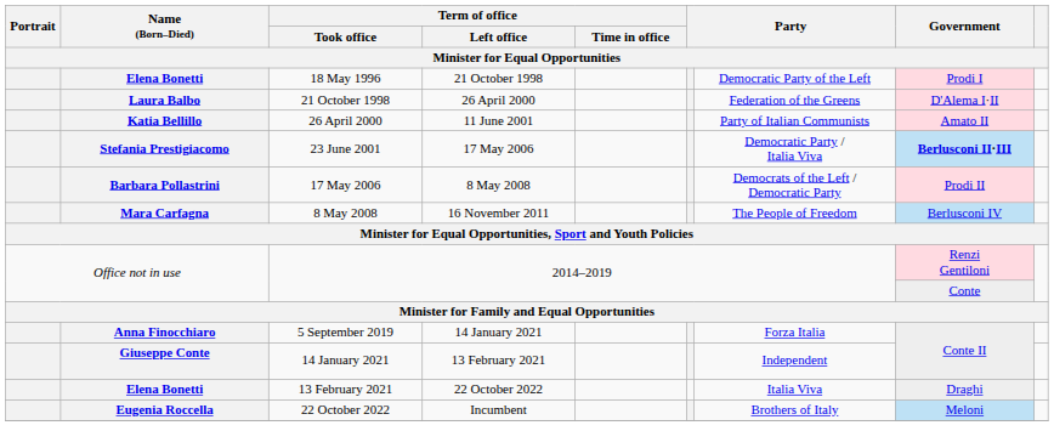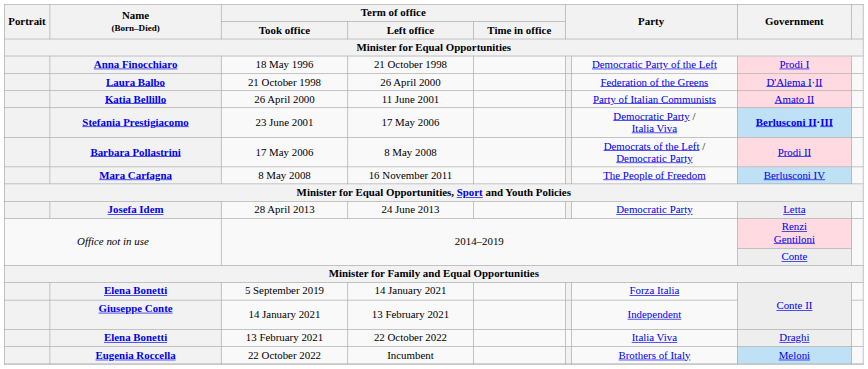 <table class="wikitable" style="text-align:center; style="width=100%">
 <tr>
 <th width=1% rowspan=2>Portrait</th>
 <th width=15% rowspan=2>Name<br><small>(Born–Died)</small></th>
 <th width=30% colspan=3>Term of office</th>
 <th width=15% rowspan=2 colspan=2>Party</th>
 <th width=10% rowspan=2>Government</th>
 <th width=1% rowspan=2></th>
 </tr>
 <tr style="text-align:center;">
 <th width=11%>Took office</th>
 <th width=11%>Left office</th>
 <th width=8%>Time in office</th>
 </tr>
 <tr>
 <th colspan=9>Minister for Equal Opportunities</th>
 </tr>
 <tr>
 <th></th>
-<th scope="row" style="font-weight:normal"><strong><a href='#'>Elena Bonetti</a></strong><br></th>
+<th scope="row" style="font-weight:normal"><strong><a href='#'>Anna Finocchiaro</a></strong><br></th>
 <td>18 May 1996</td>
 <td>21 October 1998</td>
 <td></td>
 <th style="background:"></th>
 <td><a href='#'>Democratic Party of the Left</a></td>
 <td bgcolor=#FFDAE1><a href='#'>Prodi I</a></td>
 <td></td>
 </tr>
 <tr>
 <th></th>
 <th scope="row" style="font-weight:normal"><strong><a href='#'>Laura Balbo</a></strong><br></th>
 <td>21 October 1998</td>
 <td>26 April 2000</td>
 <td></td>
 <th style="background:"></th>
 <td><a href='#'>Federation of the Greens</a></td>
 <td bgcolor=#FFDAE1><a href='#'>D'Alema I</a>·<a href='#'>II</a></td>
 <td></td>
 </tr>
 <tr>
 <th></th>
 <th scope="row" style="font-weight:normal"><strong><a href='#'>Katia Bellillo</a></strong><br></th>
 <td>26 April 2000</td>
 <td>11 June 2001</td>
 <td></td>
 <th style="background:"></th>
 <td><a href='#'>Party of Italian Communists</a></td>
 <td bgcolor=#FFDAE1><a href='#'>Amato II</a></td>
 <td></td>
 </tr>
 <tr>
 <th></th>
 <th scope="row" style="font-weight:normal"><strong><a href='#'>Stefania Prestigiacomo</a></strong><br></th>
 <td>23 June 2001</td>
 <td>17 May 2006</td>
 <td></td>
 <th style="background:"></th>
 <td><a href='#'>Democratic Party</a> /<br><a href='#'>Italia Viva</a></td>
 <td bgcolor=#BEE1F5><strong><a href='#'>Berlusconi II</a>·<a href='#'>III</a></strong></td>
 <td></td>
 </tr>
 <tr>
 <th></th>
 <th scope="row" style="font-weight:normal"><strong><a href='#'>Barbara Pollastrini</a></strong><br></th>
 <td>17 May 2006</td>
 <td>8 May 2008</td>
 <td></td>
 <th style="background:"></th>
 <td><a href='#'>Democrats of the Left</a> /<br><a href='#'>Democratic Party</a></td>
 <td bgcolor=#FFDAE1><a href='#'>Prodi II</a></td>
 <td></td>
 </tr>
 <tr>
 <th></th>
 <th scope="row" style="font-weight:normal"><strong><a href='#'>Mara Carfagna</a></strong><br></th>
 <td>8 May 2008</td>
 <td>16 November 2011</td>
 <td></td>
 <th style="background:"></th>
 <td><a href='#'>The People of Freedom</a></td>
 <td bgcolor=#BEE1F5><a href='#'>Berlusconi IV</a></td>
 <td></td>
 </tr>
 <tr>
 <th colspan=9>Minister for Equal Opportunities, <a href='#'>Sport</a> and Youth Policies</th>
 </tr>
 <tr>
+<th></th>
+<th scope="row" style="font-weight:normal"><strong><a href='#'>Josefa Idem</a></strong><br></th>
+<td>28 April 2013</td>
+<td>24 June 2013</td>
+<td></td>
+<th style="background:"></th>
+<td><a href='#'>Democratic Party</a></td>
+<td bgcolor=#EEEEEE><a href='#'>Letta</a></td>
+<td></td>
+</tr>
+<tr>
 <td rowspan=2 colspan=2><em>Office not in use</em></td>
 <td rowspan=2 colspan=5 align="center">2014–2019</td>
 <td bgcolor=#FFDAE1><a href='#'>Renzi</a><br><a href='#'>Gentiloni</a></td>
 <td rowspan=2></td>
 </tr>
 <tr>
 <td bgcolor=#EEEEEE><a href='#'>Conte</a></td>
 </tr>
 <tr>
 <th colspan=9>Minister for Family and Equal Opportunities</th>
 </tr>
 <tr>
 <th></th>
-<th scope="row" style="font-weight:normal"><strong><a href='#'>Anna Finocchiaro</a></strong><br></th>
+<th scope="row" style="font-weight:normal"><strong><a href='#'>Elena Bonetti</a></strong><br></th>
 <td>5 September 2019</td>
 <td>14 January 2021</td>
 <td></td>
 <th style="background:"></th>
 <td><a href='#'>Forza Italia</a></td>
 <td rowspan=2 bgcolor=#EEEEEE><a href='#'>Conte II</a></td>
 <td></td>
 </tr>
 <tr>
 <th></th>
 <th scope="row" style="font-weight:normal"><strong><a href='#'>Giuseppe Conte</a></strong><br><br><em></em></th>
 <td>14 January 2021</td>
 <td>13 February 2021</td>
 <td></td>
 <th style="background:"></th>
 <td><a href='#'>Independent</a></td>
 <td></td>
 </tr>
 <tr>
 <th></th>
 <th scope="row" style="font-weight:normal"><strong><a href='#'>Elena Bonetti</a></strong><br></th>
 <td>13 February 2021</td>
 <td>22 October 2022</td>
 <td></td>
 <td></td>
 <td><a href='#'>Italia Viva</a></td>
 <td bgcolor=#EEEEEE><a href='#'>Draghi</a></td>
 <td></td>
 </tr>
 <tr>
 <th></th>
 <th scope="row" style="font-weight:normal"><strong><a href='#'>Eugenia Roccella</a></strong><br></th>
 <td>22 October 2022</td>
 <td>Incumbent</td>
 <td></td>
 <th style="background:"></th>
 <td><a href='#'>Brothers of Italy</a></td>
 <td bgcolor=#BEE1F5><a href='#'>Meloni</a></td>
 <td></td>
 </tr>
 <tr>
 </tr>
 </table>
